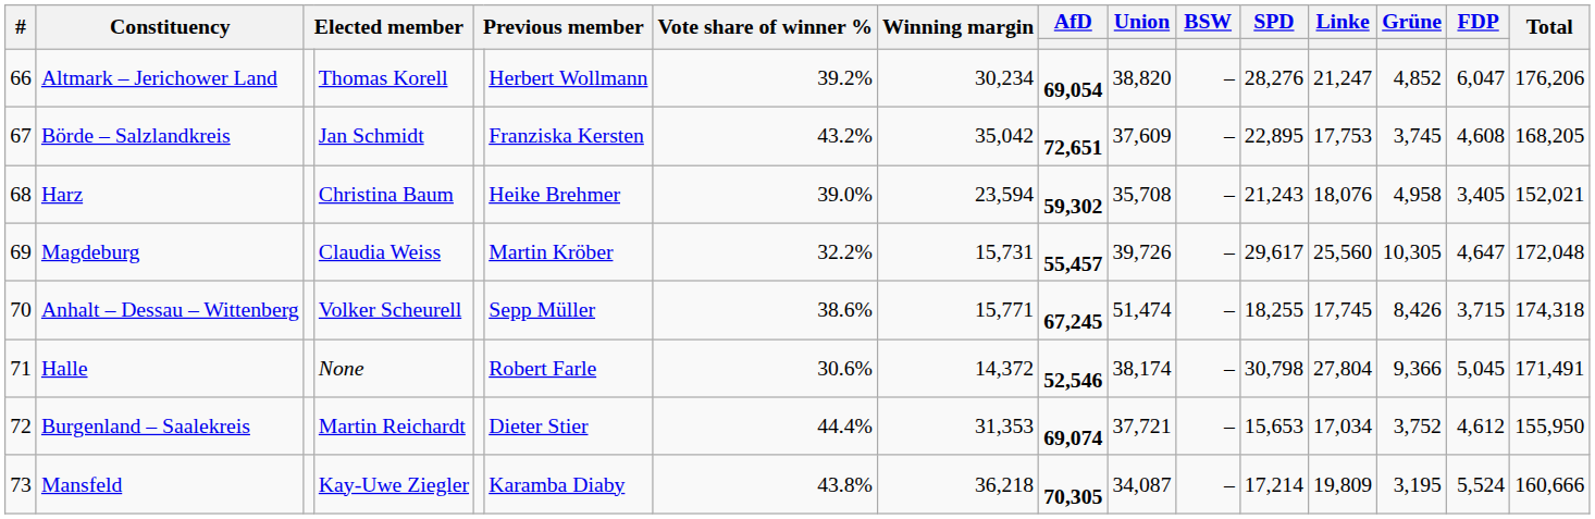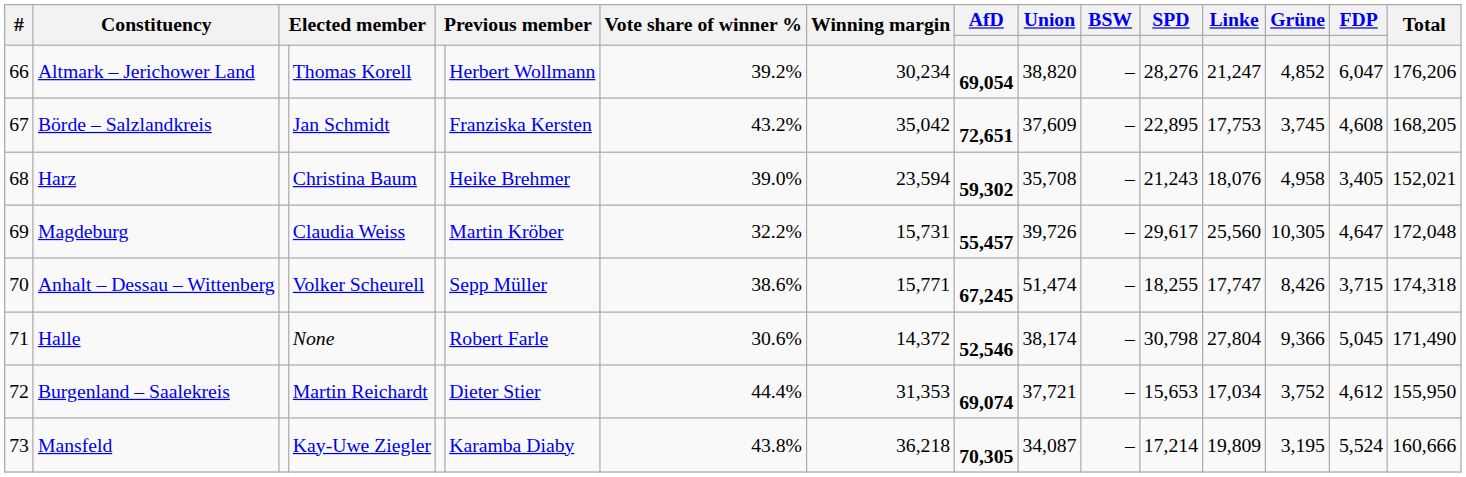 <table class="wikitable sortable" style="text-align:right">
 <tr>
 <th rowspan="2">#</th>
 <th rowspan="2">Constituency</th>
 <th rowspan="2" colspan="2">Elected member</th>
 <th rowspan="2" colspan="2">Previous member</th>
 <th rowspan="2">Vote share of winner %</th>
 <th rowspan="2">Winning margin</th>
 <th class="wikitable sortable" style="width:40px;"><a href='#'>AfD</a></th>
 <th class="wikitable sortable" style="width:40px;"><a href='#'>Union</a></th>
 <th class="wikitable sortable" style="width:40px;"><a href='#'>BSW</a></th>
 <th class="wikitable sortable" style="width:40px;"><a href='#'>SPD</a></th>
 <th class="wikitable sortable" style="width:40px;"><a href='#'>Linke</a></th>
 <th class="wikitable sortable" style="width:40px;"><a href='#'>Grüne</a></th>
 <th class="wikitable sortable" style="width:40px;"><a href='#'>FDP</a></th>
 <th class="wikitable sortable" style="width:40px;" rowspan="2">Total</th>
 </tr>
 <tr>
 <th class="wikitable sortable" style="background:"></th>
 <th class="wikitable sortable" style="background:"></th>
 <th class="wikitable sortable" style="background:"></th>
 <th class="wikitable sortable" style="background:"></th>
 <th class="wikitable sortable" style="background:"></th>
 <th class="wikitable sortable" style="background:"></th>
 <th class="wikitable sortable" style="background:"></th>
 </tr>
 <tr>
 <td>66</td>
 <td align=left><a href='#'>Altmark – Jerichower Land</a></td>
 <td bgcolor=></td>
 <td align=left><a href='#'>Thomas Korell</a></td>
 <td bgcolor=></td>
 <td align=left><a href='#'>Herbert Wollmann</a></td>
 <td>39.2%</td>
 <td>30,234</td>
 <td><br><strong>69,054</strong></td>
 <td>38,820</td>
 <td>–</td>
 <td>28,276</td>
 <td>21,247</td>
 <td>4,852</td>
 <td>6,047</td>
 <td>176,206</td>
 </tr>
 <tr>
 <td>67</td>
 <td align=left><a href='#'>Börde – Salzlandkreis</a></td>
 <td bgcolor=></td>
 <td align=left><a href='#'>Jan Schmidt</a></td>
 <td bgcolor=></td>
 <td align=left><a href='#'>Franziska Kersten</a></td>
 <td>43.2%</td>
 <td>35,042</td>
 <td><br><strong>72,651</strong></td>
 <td>37,609</td>
 <td>–</td>
 <td>22,895</td>
 <td>17,753</td>
 <td>3,745</td>
 <td>4,608</td>
 <td>168,205</td>
 </tr>
 <tr>
 <td>68</td>
 <td align=left><a href='#'>Harz</a></td>
 <td bgcolor=></td>
 <td align=left><a href='#'>Christina Baum</a></td>
 <td bgcolor=></td>
 <td align=left><a href='#'>Heike Brehmer</a></td>
 <td>39.0%</td>
 <td>23,594</td>
 <td><br><strong>59,302</strong></td>
 <td>35,708</td>
 <td>–</td>
 <td>21,243</td>
 <td>18,076</td>
 <td>4,958</td>
 <td>3,405</td>
 <td>152,021</td>
 </tr>
 <tr>
 <td>69</td>
 <td align=left><a href='#'>Magdeburg</a></td>
 <td bgcolor=></td>
 <td align=left><a href='#'>Claudia Weiss</a></td>
 <td bgcolor=></td>
 <td align=left><a href='#'>Martin Kröber</a></td>
 <td>32.2%</td>
 <td>15,731</td>
 <td><br><strong>55,457</strong></td>
 <td>39,726</td>
 <td>–</td>
 <td>29,617</td>
 <td>25,560</td>
 <td>10,305</td>
 <td>4,647</td>
 <td>172,048</td>
 </tr>
 <tr>
 <td>70</td>
 <td align=left><a href='#'>Anhalt – Dessau – Wittenberg</a></td>
 <td bgcolor=></td>
 <td align=left><a href='#'>Volker Scheurell</a></td>
 <td bgcolor=></td>
 <td align=left><a href='#'>Sepp Müller</a></td>
 <td>38.6%</td>
 <td>15,771</td>
 <td><br><strong>67,245</strong></td>
 <td>51,474</td>
 <td>–</td>
 <td>18,255</td>
-<td>17,745</td>
+<td>17,747</td>
 <td>8,426</td>
 <td>3,715</td>
 <td>174,318</td>
 </tr>
 <tr>
 <td>71</td>
 <td align=left><a href='#'>Halle</a></td>
 <td bgcolor=></td>
 <td align=left><em>None</em></td>
 <td bgcolor=></td>
 <td align=left><a href='#'>Robert Farle</a></td>
 <td>30.6%</td>
 <td>14,372</td>
 <td><br><strong>52,546</strong></td>
 <td>38,174</td>
 <td>–</td>
 <td>30,798</td>
 <td>27,804</td>
 <td>9,366</td>
 <td>5,045</td>
-<td>171,491</td>
+<td>171,490</td>
 </tr>
 <tr>
 <td>72</td>
 <td align=left><a href='#'>Burgenland – Saalekreis</a></td>
 <td bgcolor=></td>
 <td align=left><a href='#'>Martin Reichardt</a></td>
 <td bgcolor=></td>
 <td align=left><a href='#'>Dieter Stier</a></td>
 <td>44.4%</td>
 <td>31,353</td>
 <td><br><strong>69,074</strong></td>
 <td>37,721</td>
 <td>–</td>
 <td>15,653</td>
 <td>17,034</td>
 <td>3,752</td>
 <td>4,612</td>
 <td>155,950</td>
 </tr>
 <tr>
 <td>73</td>
 <td align=left><a href='#'>Mansfeld</a></td>
 <td bgcolor=></td>
 <td align=left><a href='#'>Kay-Uwe Ziegler</a></td>
 <td bgcolor=></td>
 <td align=left><a href='#'>Karamba Diaby</a></td>
 <td>43.8%</td>
 <td>36,218</td>
 <td><br><strong>70,305</strong></td>
 <td>34,087</td>
 <td>–</td>
 <td>17,214</td>
 <td>19,809</td>
 <td>3,195</td>
 <td>5,524</td>
 <td>160,666</td>
 </tr>
 </table>
